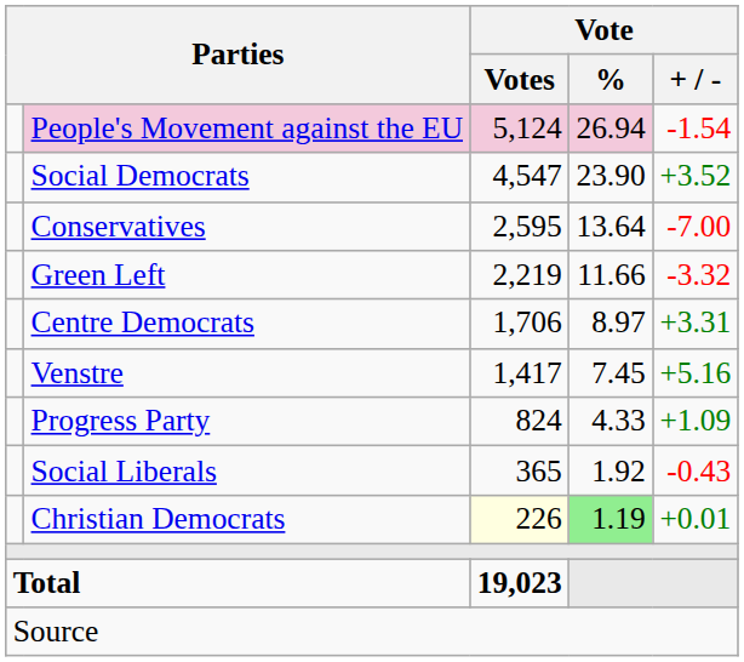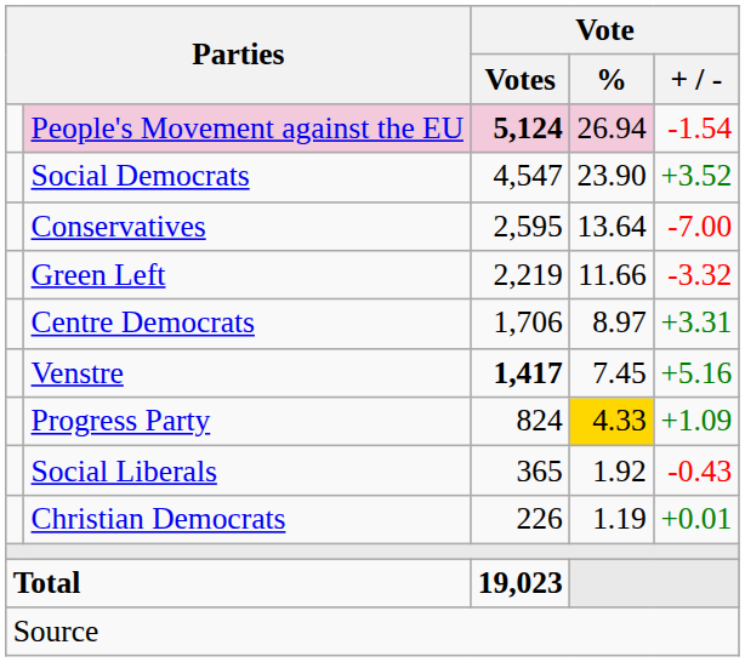 <table class="wikitable" style="text-align:right;">
 <tr>
 <th style="text-align:centre;" rowspan="2" colspan="2" width="225">Parties</th>
 <th colspan="3">Vote</th>
 </tr>
 <tr>
 <th width="15">Votes</th>
 <th width="15">%</th>
 <th width="15">+ / -</th>
 </tr>
 <tr>
 <td width="2" style="color:inherit;background:"></td>
 <td bgcolor=#f3c9dc   align="left"><a href='#'>People's Movement against the EU</a></td>
-<td bgcolor=#f3c9dc>5,124</td>
+<td bgcolor=#f3c9dc><strong>5,124</strong></td>
 <td bgcolor=#f3c9dc>26.94</td>
 <td style=color:red;>-1.54</td>
 </tr>
 <tr>
 <td width="2" style="color:inherit;background:"></td>
 <td align="left"><a href='#'>Social Democrats</a></td>
 <td>4,547</td>
 <td>23.90</td>
 <td style=color:green;>+3.52</td>
 </tr>
 <tr>
 <td width="2" style="color:inherit;background:"></td>
 <td align="left"><a href='#'>Conservatives</a></td>
 <td>2,595</td>
 <td>13.64</td>
 <td style=color:red;>-7.00</td>
 </tr>
 <tr>
 <td width="2" style="color:inherit;background:"></td>
 <td align="left"><a href='#'>Green Left</a></td>
 <td>2,219</td>
 <td>11.66</td>
 <td style=color:red;>-3.32</td>
 </tr>
 <tr>
 <td width="2" style="color:inherit;background:"></td>
 <td align="left"><a href='#'>Centre Democrats</a></td>
 <td>1,706</td>
 <td>8.97</td>
 <td style=color:green;>+3.31</td>
 </tr>
 <tr>
 <td width="2" style="color:inherit;background:"></td>
 <td align="left"><a href='#'>Venstre</a></td>
-<td>1,417</td>
+<td><strong>1,417</strong></td>
 <td>7.45</td>
 <td style=color:green;>+5.16</td>
 </tr>
 <tr>
 <td width="2" style="color:inherit;background:"></td>
 <td align="left"><a href='#'>Progress Party</a></td>
 <td>824</td>
-<td>4.33</td>
+<td style="background: gold;">4.33</td>
 <td style=color:green;>+1.09</td>
 </tr>
 <tr>
 <td width="2" style="color:inherit;background:"></td>
 <td align="left"><a href='#'>Social Liberals</a></td>
 <td>365</td>
 <td>1.92</td>
 <td style=color:red;>-0.43</td>
 </tr>
 <tr>
 <td width="2" style="color:inherit;background:"></td>
 <td align="left"><a href='#'>Christian Democrats</a></td>
-<td style="background: lightyellow;">226</td>
-<td style="background: lightgreen;">1.19</td>
+<td>226</td>
+<td>1.19</td>
 <td style=color:green;>+0.01</td>
 </tr>
 <tr>
 <td colspan="7" bgcolor="#E9E9E9"></td>
 </tr>
 <tr>
 <td align="left" colspan="2"><strong>Total</strong></td>
 <td><strong>19,023</strong></td>
 <td bgcolor="#E9E9E9" colspan="2"></td>
 </tr>
 <tr>
 <td align="left" colspan="6">Source</td>
 </tr>
 </table>
